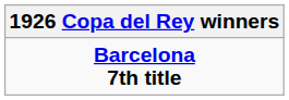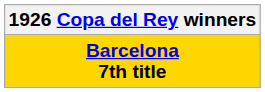 <table class="wikitable" style="text-align: center; margin: 0 auto;">
 <tr>
 <th>1926 <a href='#'>Copa del Rey</a> winners</th>
 </tr>
 <tr>
-<td><strong><a href='#'>Barcelona</a></strong><br><strong>7th title</strong></td>
+<td style="background: gold;"><strong><a href='#'>Barcelona</a></strong><br><strong>7th title</strong></td>
 </tr>
 </table>
